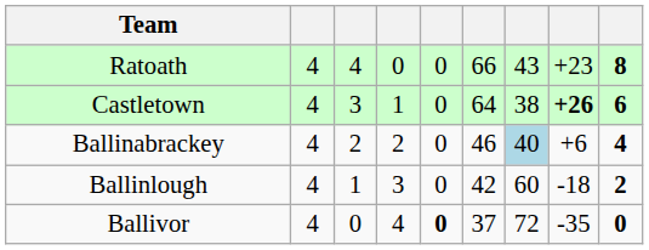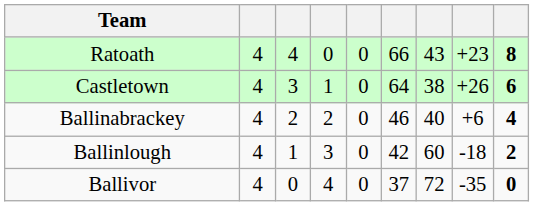 <table class="wikitable" style="text-align:center">
 <tr>
 <th style="width:175px;">Team</th>
 <th width="20"></th>
 <th width="20"></th>
 <th width="20"></th>
 <th width="20"></th>
 <th width="20"></th>
 <th width="20"></th>
 <th width="20"></th>
 <th width="20"></th>
 </tr>
 <tr style="background:#cfc;">
 <td>Ratoath</td>
 <td>4</td>
 <td>4</td>
 <td>0</td>
 <td>0</td>
 <td>66</td>
 <td>43</td>
 <td>+23</td>
 <td><strong>8</strong></td>
 </tr>
 <tr style="background:#cfc;">
 <td>Castletown</td>
 <td>4</td>
 <td>3</td>
 <td>1</td>
 <td>0</td>
 <td>64</td>
 <td>38</td>
-<td><strong>+26</strong></td>
+<td>+26</td>
 <td><strong>6</strong></td>
 </tr>
 <tr>
 <td>Ballinabrackey</td>
 <td>4</td>
 <td>2</td>
 <td>2</td>
 <td>0</td>
 <td>46</td>
-<td style="background: lightblue;">40</td>
+<td>40</td>
 <td>+6</td>
 <td><strong>4</strong></td>
 </tr>
 <tr>
 <td>Ballinlough</td>
 <td>4</td>
 <td>1</td>
 <td>3</td>
 <td>0</td>
 <td>42</td>
 <td>60</td>
 <td>-18</td>
 <td><strong>2</strong></td>
 </tr>
 <tr>
 <td>Ballivor</td>
 <td>4</td>
 <td>0</td>
 <td>4</td>
-<td><strong>0</strong></td>
+<td>0</td>
 <td>37</td>
 <td>72</td>
 <td>-35</td>
 <td><strong>0</strong></td>
 </tr>
 </table>
